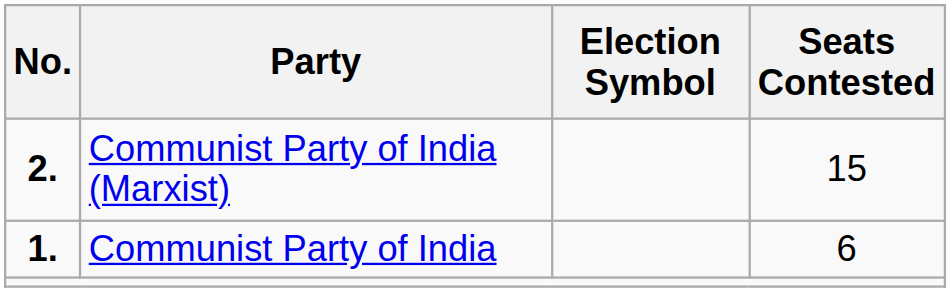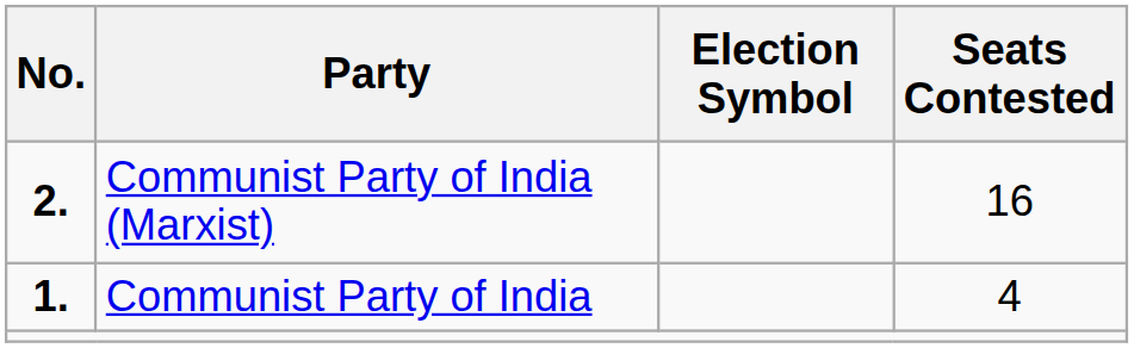 <table class="wikitable">
 <tr style="height: 50px;">
 <th scope="col" style="width:4px;">No.</th>
 <th scope="col" style="width:200px;">Party</th>
 <th scope="col" style="width:80px;">Election Symbol</th>
 <th scope="col" style="width:60px;">Seats Contested</th>
 </tr>
 <tr style="height: 45px;">
 <td ! style="text-align:center; background:"><strong>2.</strong></td>
 <td><a href='#'>Communist Party of India (Marxist)</a></td>
 <td></td>
-<td style="text-align:center;">15</td>
+<td style="text-align:center;">16</td>
 </tr>
 <tr style="height: 4px;">
 <td ! style="text-align:center; background:"><strong>1.</strong></td>
 <td><a href='#'>Communist Party of India</a></td>
 <td></td>
-<td style="text-align:center;">6</td>
+<td style="text-align:center;">4</td>
 </tr>
 <tr style="height: 4px;">
 </tr>
 </table>
